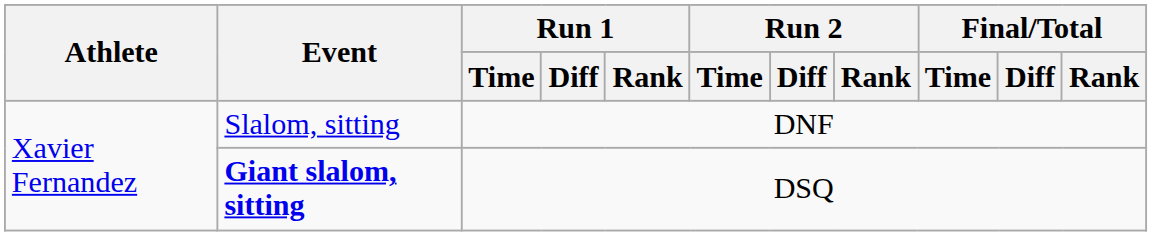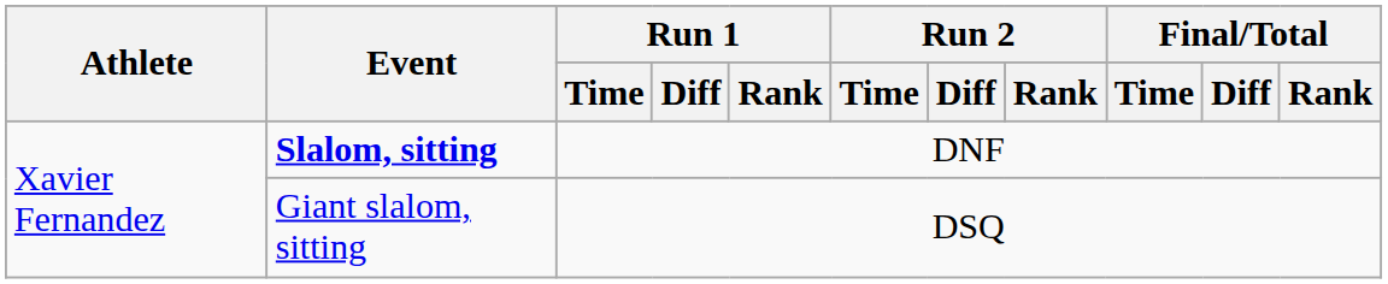 <table class="wikitable" style="font-size:100%">
 <tr>
 <th rowspan="2">Athlete</th>
 <th rowspan="2">Event</th>
 <th colspan="3">Run 1</th>
 <th colspan="3">Run 2</th>
 <th colspan="3">Final/Total</th>
 </tr>
 <tr>
 <th>Time</th>
 <th>Diff</th>
 <th>Rank</th>
 <th>Time</th>
 <th>Diff</th>
 <th>Rank</th>
 <th>Time</th>
 <th>Diff</th>
 <th>Rank</th>
 </tr>
 <tr>
 <td rowspan=2><a href='#'>Xavier Fernandez</a></td>
-<td><a href='#'>Slalom, sitting</a></td>
+<td><strong><a href='#'>Slalom, sitting</a></strong></td>
 <td align="center" colspan=9>DNF</td>
 </tr>
 <tr>
-<td><strong><a href='#'>Giant slalom, sitting</a></strong></td>
+<td><a href='#'>Giant slalom, sitting</a></td>
 <td align="center" colspan=9>DSQ</td>
 </tr>
 </table>
